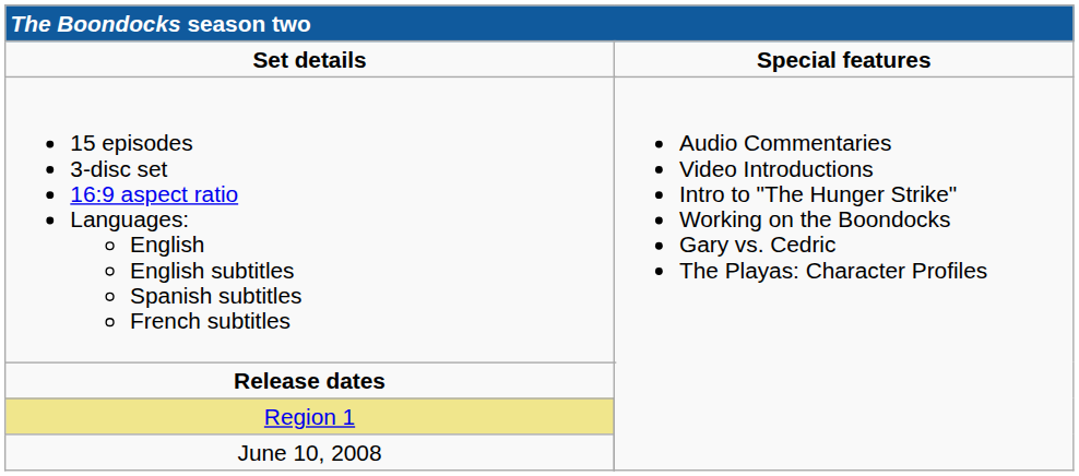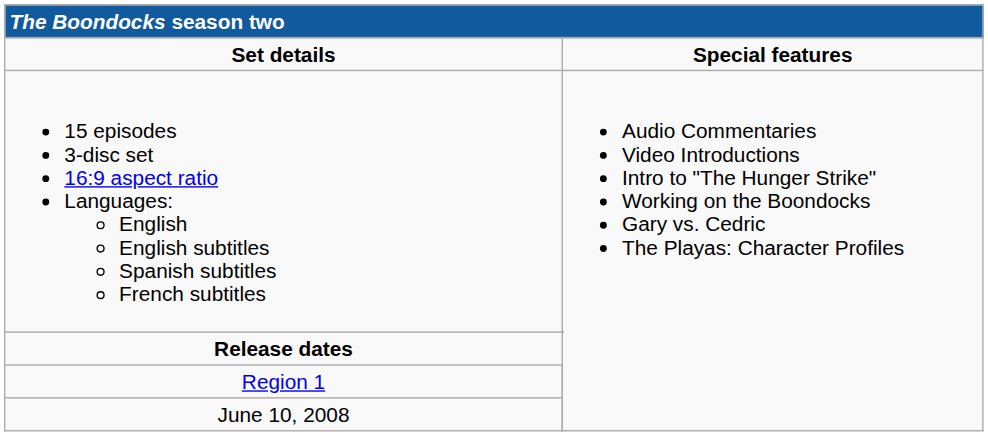 <table class="wikitable" style="font-size:95%;">
 <tr>
 <td colspan="5" style="background:#105A9D; color: #ffffff;"><strong><em>The Boondocks</em></strong> <strong>season two</strong></td>
 </tr>
 <tr style="vertical-align:top; text-align:center;">
 <td style="width:400px;" colspan="3"><strong>Set details </strong></td>
 <td style="width:300px; "><strong>Special features</strong></td>
 </tr>
 <tr valign="top">
 <td colspan="3"  style="text-align:left; width:400px;"><br><ul><li>15 episodes</li><li>3-disc set</li><li><a href='#'>16:9 aspect ratio</a></li><li>Languages:<ul><li>English</li><li>English subtitles</li><li>Spanish subtitles</li><li>French subtitles</li></ul></li></ul></td>
 <td rowspan="4"  style="text-align:left; width:300px;"><br><ul><li>Audio Commentaries</li><li>Video Introductions</li><li>Intro to "The Hunger Strike"</li><li>Working on the Boondocks</li><li>Gary vs. Cedric</li><li>The Playas: Character Profiles</li></ul></td>
 </tr>
 <tr>
 <td colspan="3" style="text-align:center;"><strong>Release dates</strong></td>
 </tr>
 <tr>
-<td style="background: khaki; text-align:center;"><a href='#'>Region 1</a></td>
+<td style="text-align:center;"><a href='#'>Region 1</a></td>
 </tr>
 <tr>
 <td style="text-align:center;">June 10, 2008</td>
 </tr>
 </table>
